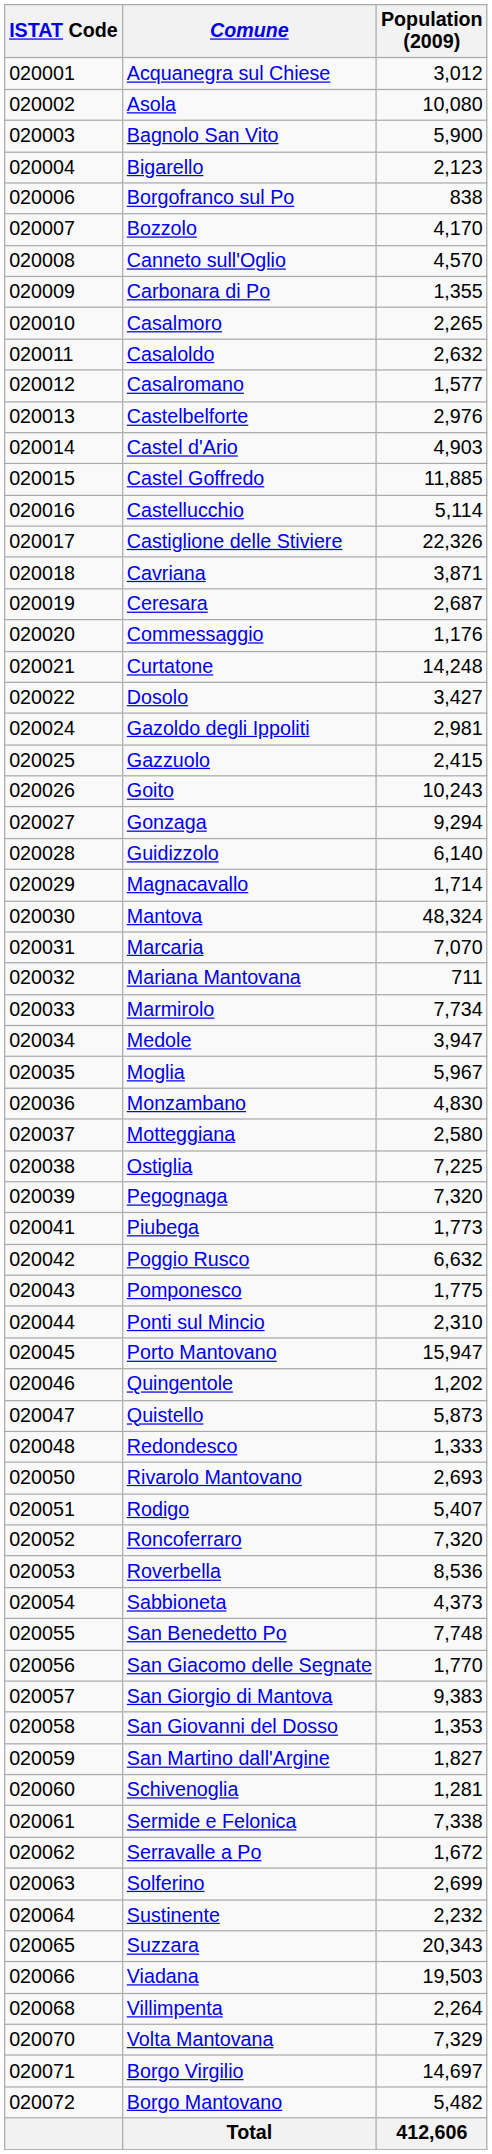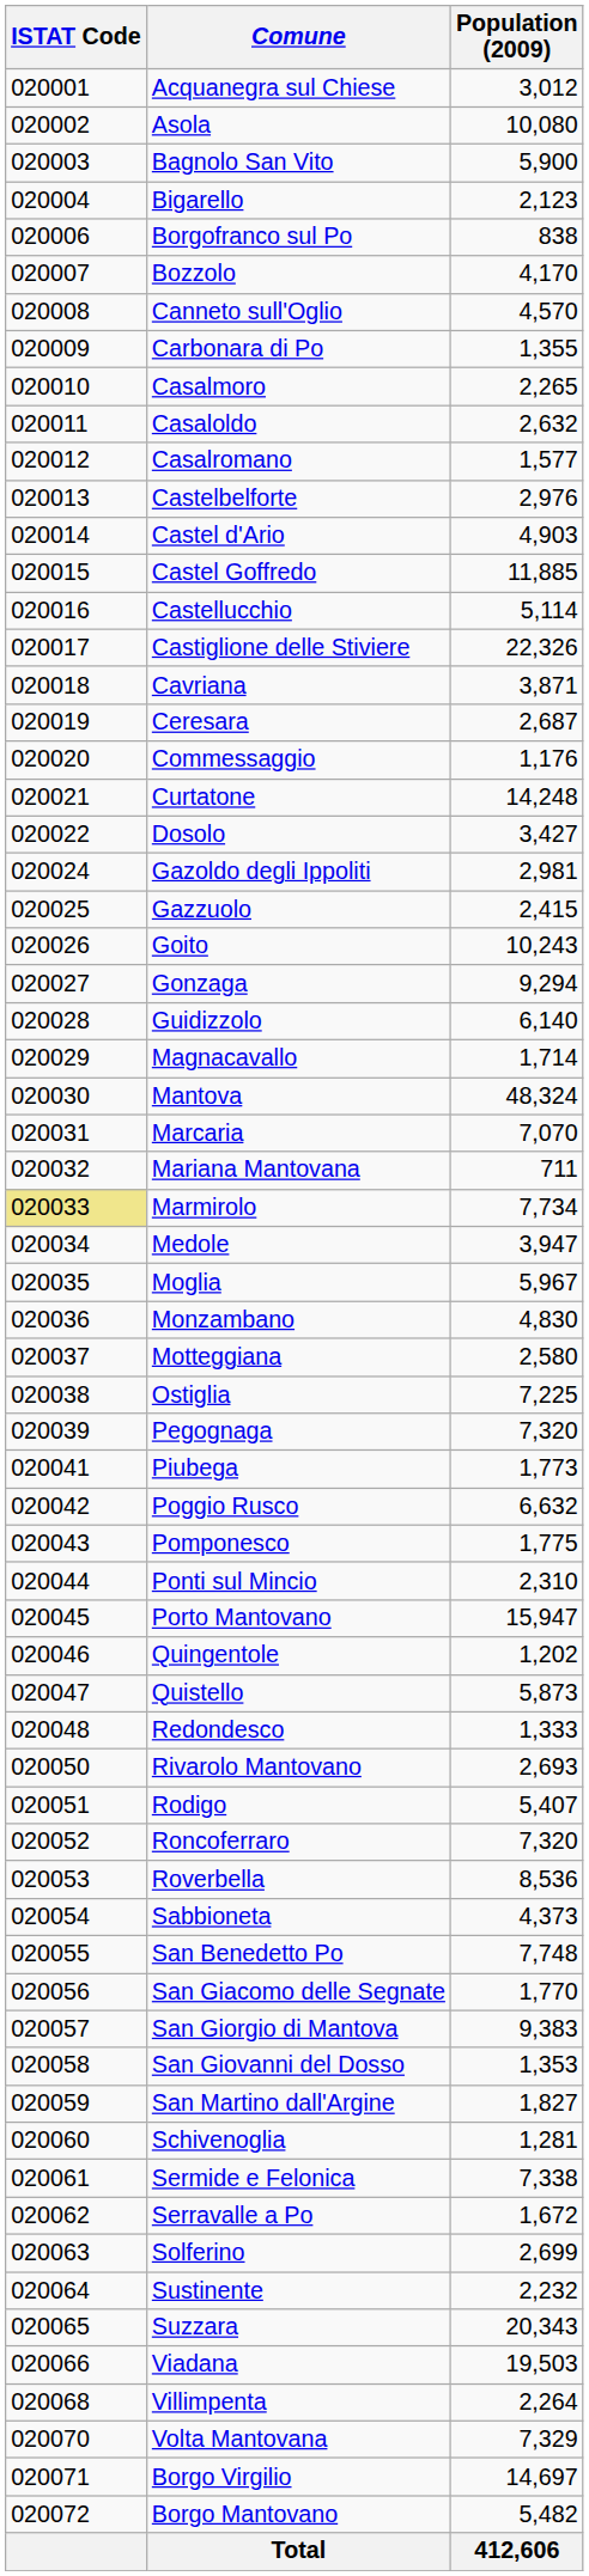 <table class="wikitable sortable">
 <tr>
 <th><a href='#'>ISTAT</a> Code</th>
 <th><em><a href='#'>Comune</a></em></th>
 <th>Population <br>(2009)</th>
 </tr>
 <tr>
 <td>020001</td>
 <td><a href='#'>Acquanegra sul Chiese</a></td>
 <td align=right>3,012</td>
 </tr>
 <tr>
 <td>020002</td>
 <td><a href='#'>Asola</a></td>
 <td align=right>10,080</td>
 </tr>
 <tr>
 <td>020003</td>
 <td><a href='#'>Bagnolo San Vito</a></td>
 <td align=right>5,900</td>
 </tr>
 <tr>
 <td>020004</td>
 <td><a href='#'>Bigarello</a></td>
 <td align=right>2,123</td>
 </tr>
 <tr>
 <td>020006</td>
 <td><a href='#'>Borgofranco sul Po</a></td>
 <td align=right>838</td>
 </tr>
 <tr>
 <td>020007</td>
 <td><a href='#'>Bozzolo</a></td>
 <td align=right>4,170</td>
 </tr>
 <tr>
 <td>020008</td>
 <td><a href='#'>Canneto sull'Oglio</a></td>
 <td align=right>4,570</td>
 </tr>
 <tr>
 <td>020009</td>
 <td><a href='#'>Carbonara di Po</a></td>
 <td align=right>1,355</td>
 </tr>
 <tr>
 <td>020010</td>
 <td><a href='#'>Casalmoro</a></td>
 <td align=right>2,265</td>
 </tr>
 <tr>
 <td>020011</td>
 <td><a href='#'>Casaloldo</a></td>
 <td align=right>2,632</td>
 </tr>
 <tr>
 <td>020012</td>
 <td><a href='#'>Casalromano</a></td>
 <td align=right>1,577</td>
 </tr>
 <tr>
 <td>020013</td>
 <td><a href='#'>Castelbelforte</a></td>
 <td align=right>2,976</td>
 </tr>
 <tr>
 <td>020014</td>
 <td><a href='#'>Castel d'Ario</a></td>
 <td align=right>4,903</td>
 </tr>
 <tr>
 <td>020015</td>
 <td><a href='#'>Castel Goffredo</a></td>
 <td align=right>11,885</td>
 </tr>
 <tr>
 <td>020016</td>
 <td><a href='#'>Castellucchio</a></td>
 <td align=right>5,114</td>
 </tr>
 <tr>
 <td>020017</td>
 <td><a href='#'>Castiglione delle Stiviere</a></td>
 <td align=right>22,326</td>
 </tr>
 <tr>
 <td>020018</td>
 <td><a href='#'>Cavriana</a></td>
 <td align=right>3,871</td>
 </tr>
 <tr>
 <td>020019</td>
 <td><a href='#'>Ceresara</a></td>
 <td align=right>2,687</td>
 </tr>
 <tr>
 <td>020020</td>
 <td><a href='#'>Commessaggio</a></td>
 <td align=right>1,176</td>
 </tr>
 <tr>
 <td>020021</td>
 <td><a href='#'>Curtatone</a></td>
 <td align=right>14,248</td>
 </tr>
 <tr>
 <td>020022</td>
 <td><a href='#'>Dosolo</a></td>
 <td align=right>3,427</td>
 </tr>
 <tr>
 <td>020024</td>
 <td><a href='#'>Gazoldo degli Ippoliti</a></td>
 <td align=right>2,981</td>
 </tr>
 <tr>
 <td>020025</td>
 <td><a href='#'>Gazzuolo</a></td>
 <td align=right>2,415</td>
 </tr>
 <tr>
 <td>020026</td>
 <td><a href='#'>Goito</a></td>
 <td align=right>10,243</td>
 </tr>
 <tr>
 <td>020027</td>
 <td><a href='#'>Gonzaga</a></td>
 <td align=right>9,294</td>
 </tr>
 <tr>
 <td>020028</td>
 <td><a href='#'>Guidizzolo</a></td>
 <td align=right>6,140</td>
 </tr>
 <tr>
 <td>020029</td>
 <td><a href='#'>Magnacavallo</a></td>
 <td align=right>1,714</td>
 </tr>
 <tr>
 <td>020030</td>
 <td><a href='#'>Mantova</a></td>
 <td align=right>48,324</td>
 </tr>
 <tr>
 <td>020031</td>
 <td><a href='#'>Marcaria</a></td>
 <td align=right>7,070</td>
 </tr>
 <tr>
 <td>020032</td>
 <td><a href='#'>Mariana Mantovana</a></td>
 <td align=right>711</td>
 </tr>
 <tr>
-<td>020033</td>
+<td style="background: khaki;">020033</td>
 <td><a href='#'>Marmirolo</a></td>
 <td align=right>7,734</td>
 </tr>
 <tr>
 <td>020034</td>
 <td><a href='#'>Medole</a></td>
 <td align=right>3,947</td>
 </tr>
 <tr>
 <td>020035</td>
 <td><a href='#'>Moglia</a></td>
 <td align=right>5,967</td>
 </tr>
 <tr>
 <td>020036</td>
 <td><a href='#'>Monzambano</a></td>
 <td align=right>4,830</td>
 </tr>
 <tr>
 <td>020037</td>
 <td><a href='#'>Motteggiana</a></td>
 <td align=right>2,580</td>
 </tr>
 <tr>
 <td>020038</td>
 <td><a href='#'>Ostiglia</a></td>
 <td align=right>7,225</td>
 </tr>
 <tr>
 <td>020039</td>
 <td><a href='#'>Pegognaga</a></td>
 <td align=right>7,320</td>
 </tr>
 <tr>
 <td>020041</td>
 <td><a href='#'>Piubega</a></td>
 <td align=right>1,773</td>
 </tr>
 <tr>
 <td>020042</td>
 <td><a href='#'>Poggio Rusco</a></td>
 <td align=right>6,632</td>
 </tr>
 <tr>
 <td>020043</td>
 <td><a href='#'>Pomponesco</a></td>
 <td align=right>1,775</td>
 </tr>
 <tr>
 <td>020044</td>
 <td><a href='#'>Ponti sul Mincio</a></td>
 <td align=right>2,310</td>
 </tr>
 <tr>
 <td>020045</td>
 <td><a href='#'>Porto Mantovano</a></td>
 <td align=right>15,947</td>
 </tr>
 <tr>
 <td>020046</td>
 <td><a href='#'>Quingentole</a></td>
 <td align=right>1,202</td>
 </tr>
 <tr>
 <td>020047</td>
 <td><a href='#'>Quistello</a></td>
 <td align=right>5,873</td>
 </tr>
 <tr>
 <td>020048</td>
 <td><a href='#'>Redondesco</a></td>
 <td align=right>1,333</td>
 </tr>
 <tr>
 <td>020050</td>
 <td><a href='#'>Rivarolo Mantovano</a></td>
 <td align=right>2,693</td>
 </tr>
 <tr>
 <td>020051</td>
 <td><a href='#'>Rodigo</a></td>
 <td align=right>5,407</td>
 </tr>
 <tr>
 <td>020052</td>
 <td><a href='#'>Roncoferraro</a></td>
 <td align=right>7,320</td>
 </tr>
 <tr>
 <td>020053</td>
 <td><a href='#'>Roverbella</a></td>
 <td align=right>8,536</td>
 </tr>
 <tr>
 <td>020054</td>
 <td><a href='#'>Sabbioneta</a></td>
 <td align=right>4,373</td>
 </tr>
 <tr>
 <td>020055</td>
 <td><a href='#'>San Benedetto Po</a></td>
 <td align=right>7,748</td>
 </tr>
 <tr>
 <td>020056</td>
 <td><a href='#'>San Giacomo delle Segnate</a></td>
 <td align=right>1,770</td>
 </tr>
 <tr>
 <td>020057</td>
 <td><a href='#'>San Giorgio di Mantova</a></td>
 <td align=right>9,383</td>
 </tr>
 <tr>
 <td>020058</td>
 <td><a href='#'>San Giovanni del Dosso</a></td>
 <td align=right>1,353</td>
 </tr>
 <tr>
 <td>020059</td>
 <td><a href='#'>San Martino dall'Argine</a></td>
 <td align=right>1,827</td>
 </tr>
 <tr>
 <td>020060</td>
 <td><a href='#'>Schivenoglia</a></td>
 <td align=right>1,281</td>
 </tr>
 <tr>
 <td>020061</td>
 <td><a href='#'>Sermide e Felonica</a></td>
 <td align=right>7,338</td>
 </tr>
 <tr>
 <td>020062</td>
 <td><a href='#'>Serravalle a Po</a></td>
 <td align=right>1,672</td>
 </tr>
 <tr>
 <td>020063</td>
 <td><a href='#'>Solferino</a></td>
 <td align=right>2,699</td>
 </tr>
 <tr>
 <td>020064</td>
 <td><a href='#'>Sustinente</a></td>
 <td align=right>2,232</td>
 </tr>
 <tr>
 <td>020065</td>
 <td><a href='#'>Suzzara</a></td>
 <td align=right>20,343</td>
 </tr>
 <tr>
 <td>020066</td>
 <td><a href='#'>Viadana</a></td>
 <td align=right>19,503</td>
 </tr>
 <tr>
 <td>020068</td>
 <td><a href='#'>Villimpenta</a></td>
 <td align=right>2,264</td>
 </tr>
 <tr>
 <td>020070</td>
 <td><a href='#'>Volta Mantovana</a></td>
 <td align=right>7,329</td>
 </tr>
 <tr>
 <td>020071</td>
 <td><a href='#'>Borgo Virgilio</a></td>
 <td align=right>14,697</td>
 </tr>
 <tr>
 <td>020072</td>
 <td><a href='#'>Borgo Mantovano</a></td>
 <td align=right>5,482</td>
 </tr>
 <tr>
 <th></th>
 <th>Total</th>
 <th>412,606</th>
 </tr>
 </table>
